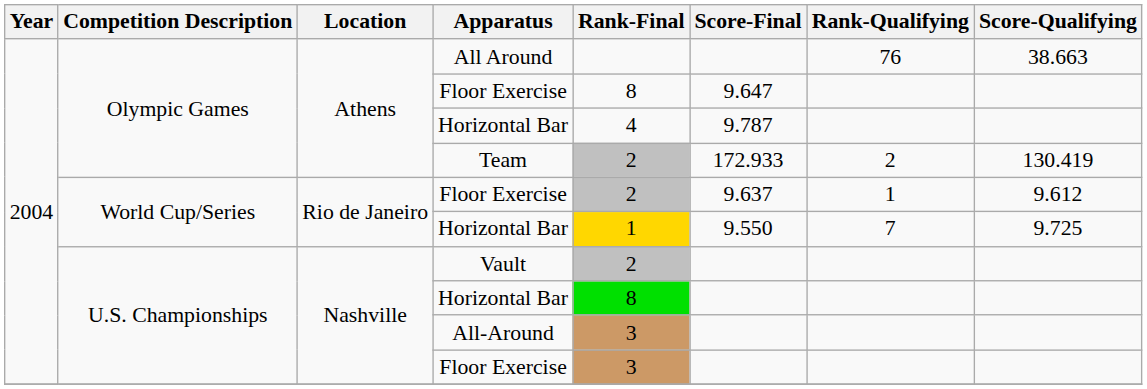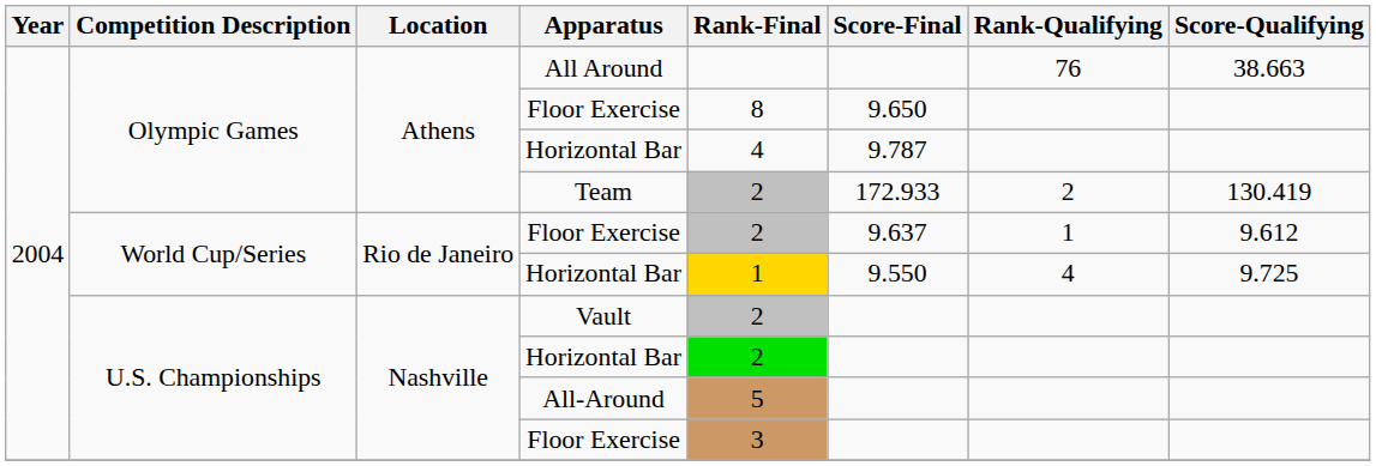 <table class="wikitable" style="text-align:center">
 <tr>
 <th>Year</th>
 <th>Competition Description</th>
 <th>Location</th>
 <th>Apparatus</th>
 <th>Rank-Final</th>
 <th>Score-Final</th>
 <th>Rank-Qualifying</th>
 <th>Score-Qualifying</th>
 </tr>
 <tr>
 <td rowspan="10">2004</td>
 <td rowspan="4">Olympic Games</td>
 <td rowspan="4">Athens</td>
 <td>All Around</td>
 <td></td>
 <td></td>
 <td>76</td>
 <td>38.663</td>
 </tr>
 <tr>
 <td>Floor Exercise</td>
 <td>8</td>
-<td>9.647</td>
+<td>9.650</td>
 <td></td>
 <td></td>
 </tr>
 <tr>
 <td>Horizontal Bar</td>
 <td>4</td>
 <td>9.787</td>
 <td></td>
 <td></td>
 </tr>
 <tr>
 <td>Team</td>
 <td bgcolor="silver">2</td>
 <td>172.933</td>
 <td>2</td>
 <td>130.419</td>
 </tr>
 <tr>
 <td rowspan="2">World Cup/Series</td>
 <td rowspan="2">Rio de Janeiro</td>
 <td>Floor Exercise</td>
 <td bgcolor="silver">2</td>
 <td>9.637</td>
 <td>1</td>
 <td>9.612</td>
 </tr>
 <tr>
 <td>Horizontal Bar</td>
 <td bgcolor="gold">1</td>
 <td>9.550</td>
-<td>7</td>
+<td>4</td>
 <td>9.725</td>
 </tr>
 <tr>
 <td rowspan="4">U.S. Championships</td>
 <td rowspan="4">Nashville</td>
 <td>Vault</td>
 <td bgcolor="silver">2</td>
 <td></td>
 <td></td>
 <td></td>
 </tr>
 <tr>
 <td>Horizontal Bar</td>
-<td bgcolor="silver'">8</td>
+<td bgcolor="silver'">2</td>
 <td></td>
 <td></td>
 <td></td>
 </tr>
 <tr>
 <td>All-Around</td>
-<td bgcolor=cc9966>3</td>
+<td bgcolor=cc9966>5</td>
 <td></td>
 <td></td>
 <td></td>
 </tr>
 <tr>
 <td>Floor Exercise</td>
 <td bgcolor=cc9966>3</td>
 <td></td>
 <td></td>
 <td></td>
 </tr>
 <tr>
 </tr>
 </table>
